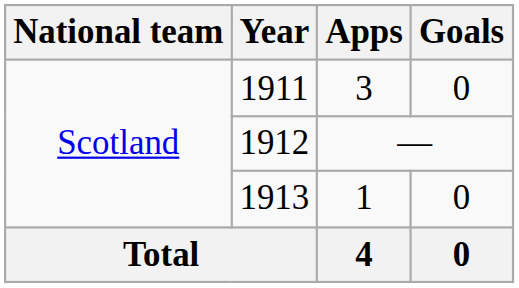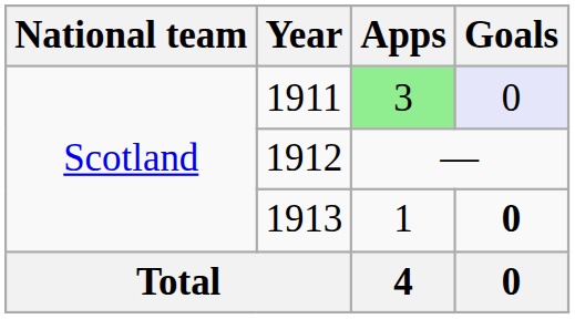 <table class="wikitable" style="text-align:center">
 <tr>
 <th>National team</th>
 <th>Year</th>
 <th>Apps</th>
 <th>Goals</th>
 </tr>
 <tr>
 <td rowspan="3"><a href='#'>Scotland</a></td>
 <td>1911</td>
-<td>3</td>
-<td>0</td>
+<td style="background: lightgreen;">3</td>
+<td style="background: lavender;">0</td>
 </tr>
 <tr>
 <td>1912</td>
 <td colspan="2">—</td>
 </tr>
 <tr>
 <td>1913</td>
 <td>1</td>
-<td>0</td>
+<td><strong>0</strong></td>
 </tr>
 <tr>
 <th colspan="2">Total</th>
 <th>4</th>
 <th>0</th>
 </tr>
 </table>
